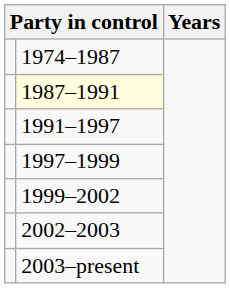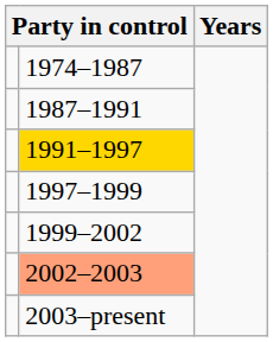 <table class="wikitable">
 <tr>
 <th colspan=2>Party in control</th>
 <th>Years</th>
 </tr>
 <tr>
 <td></td>
 <td>1974–1987</td>
 </tr>
 <tr>
 <td></td>
-<td style="background: lightyellow;">1987–1991</td>
+<td>1987–1991</td>
 </tr>
 <tr>
 <td></td>
-<td>1991–1997</td>
+<td style="background: gold;">1991–1997</td>
 </tr>
 <tr>
 <td></td>
 <td>1997–1999</td>
 </tr>
 <tr>
 <td></td>
 <td>1999–2002</td>
 </tr>
 <tr>
 <td></td>
-<td>2002–2003</td>
+<td style="background: lightsalmon;">2002–2003</td>
 </tr>
 <tr>
 <td></td>
 <td>2003–present</td>
 </tr>
 </table>
